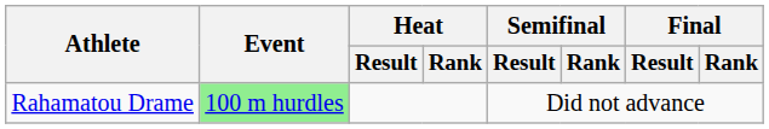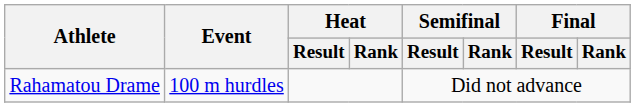 <table class="wikitable" style="font-size:90%">
 <tr>
 <th rowspan="2">Athlete</th>
 <th rowspan="2">Event</th>
 <th colspan="2">Heat</th>
 <th colspan="2">Semifinal</th>
 <th colspan="2">Final</th>
 </tr>
 <tr style="font-size:95%">
 <th>Result</th>
 <th>Rank</th>
 <th>Result</th>
 <th>Rank</th>
 <th>Result</th>
 <th>Rank</th>
 </tr>
 <tr align=center>
 <td align=left><a href='#'>Rahamatou Drame</a></td>
-<td align=left style="background: lightgreen;"><a href='#'>100 m hurdles</a></td>
+<td align=left><a href='#'>100 m hurdles</a></td>
 <td colspan=2></td>
 <td colspan=4>Did not advance</td>
 </tr>
 </table>
